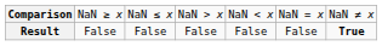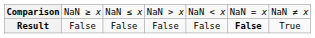 <table class="wikitable" style="text-align: center">
 <tr>
 <th>Comparison</th>
 <td>NaN ≥ <em>x</em></td>
 <td>NaN ≤ <em>x</em></td>
 <td>NaN > <em>x</em></td>
 <td>NaN < <em>x</em></td>
 <td>NaN = <em>x</em></td>
 <td>NaN ≠ <em>x</em></td>
 </tr>
 <tr>
 <th>Result</th>
 <td>False</td>
 <td>False</td>
 <td>False</td>
 <td>False</td>
-<td>False</td>
-<td><strong>True</strong></td>
+<td><strong>False</strong></td>
+<td>True</td>
 </tr>
 </table>
